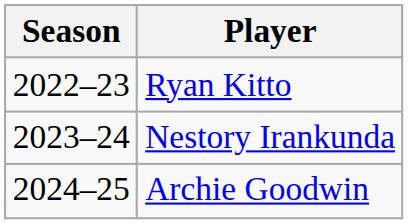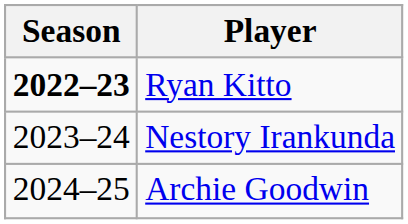 <table class="wikitable">
 <tr>
 <th>Season</th>
 <th>Player</th>
 </tr>
 <tr>
-<td>2022–23</td>
+<td><strong>2022–23</strong></td>
 <td> <a href='#'>Ryan Kitto</a></td>
 </tr>
 <tr>
 <td>2023–24</td>
 <td> <a href='#'>Nestory Irankunda</a></td>
 </tr>
 <tr>
 <td>2024–25</td>
 <td> <a href='#'>Archie Goodwin</a></td>
 </tr>
 </table>
